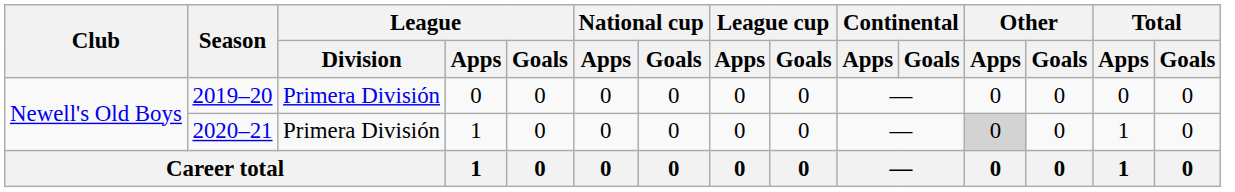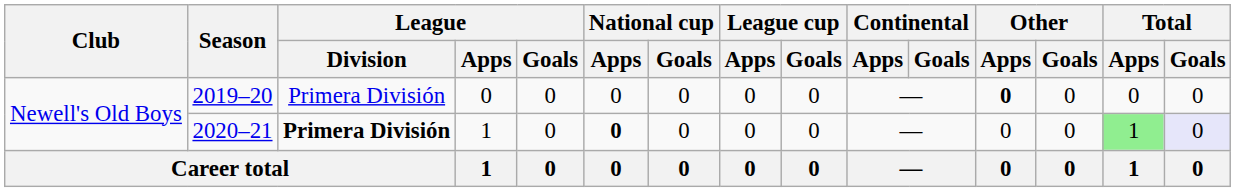 <table class="wikitable" style="text-align:center">
 <tr>
 <th rowspan="2">Club</th>
 <th rowspan="2">Season</th>
 <th colspan="3">League</th>
 <th colspan="2">National cup</th>
 <th colspan="2">League cup</th>
 <th colspan="2">Continental</th>
 <th colspan="2">Other</th>
 <th colspan="2">Total</th>
 </tr>
 <tr>
 <th>Division</th>
 <th>Apps</th>
 <th>Goals</th>
 <th>Apps</th>
 <th>Goals</th>
 <th>Apps</th>
 <th>Goals</th>
 <th>Apps</th>
 <th>Goals</th>
 <th>Apps</th>
 <th>Goals</th>
 <th>Apps</th>
 <th>Goals</th>
 </tr>
 <tr>
 <td rowspan="2"><a href='#'>Newell's Old Boys</a></td>
 <td><a href='#'>2019–20</a></td>
 <td><a href='#'>Primera División</a></td>
 <td>0</td>
 <td>0</td>
 <td>0</td>
 <td>0</td>
 <td>0</td>
 <td>0</td>
 <td colspan="2">—</td>
-<td>0</td>
+<td><strong>0</strong></td>
 <td>0</td>
 <td>0</td>
 <td>0</td>
 </tr>
 <tr>
 <td><a href='#'>2020–21</a></td>
-<td>Primera División</td>
+<td><strong>Primera División</strong></td>
 <td>1</td>
 <td>0</td>
-<td>0</td>
+<td><strong>0</strong></td>
 <td>0</td>
 <td>0</td>
 <td>0</td>
 <td colspan="2">—</td>
-<td style="background: lightgrey;">0</td>
 <td>0</td>
-<td>1</td>
 <td>0</td>
+<td style="background: lightgreen;">1</td>
+<td style="background: lavender;">0</td>
 </tr>
 <tr>
 <th colspan="3">Career total</th>
 <th>1</th>
 <th>0</th>
 <th>0</th>
 <th>0</th>
 <th>0</th>
 <th>0</th>
 <th colspan="2">—</th>
 <th>0</th>
 <th>0</th>
 <th>1</th>
 <th>0</th>
 </tr>
 </table>
